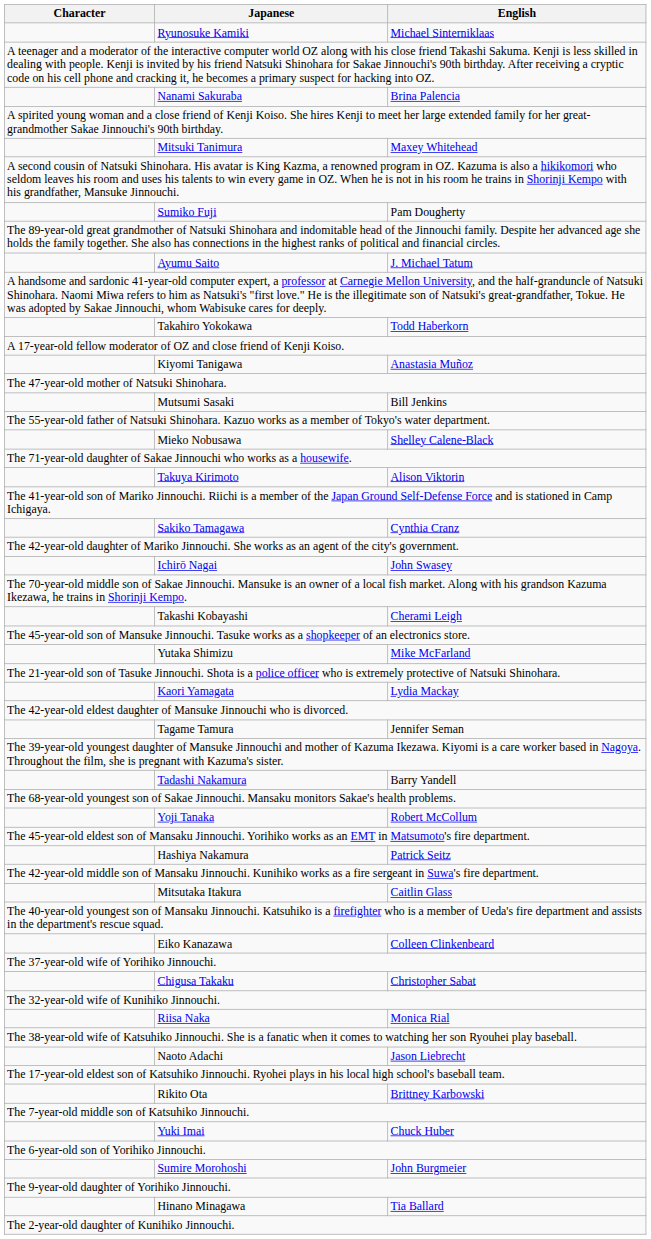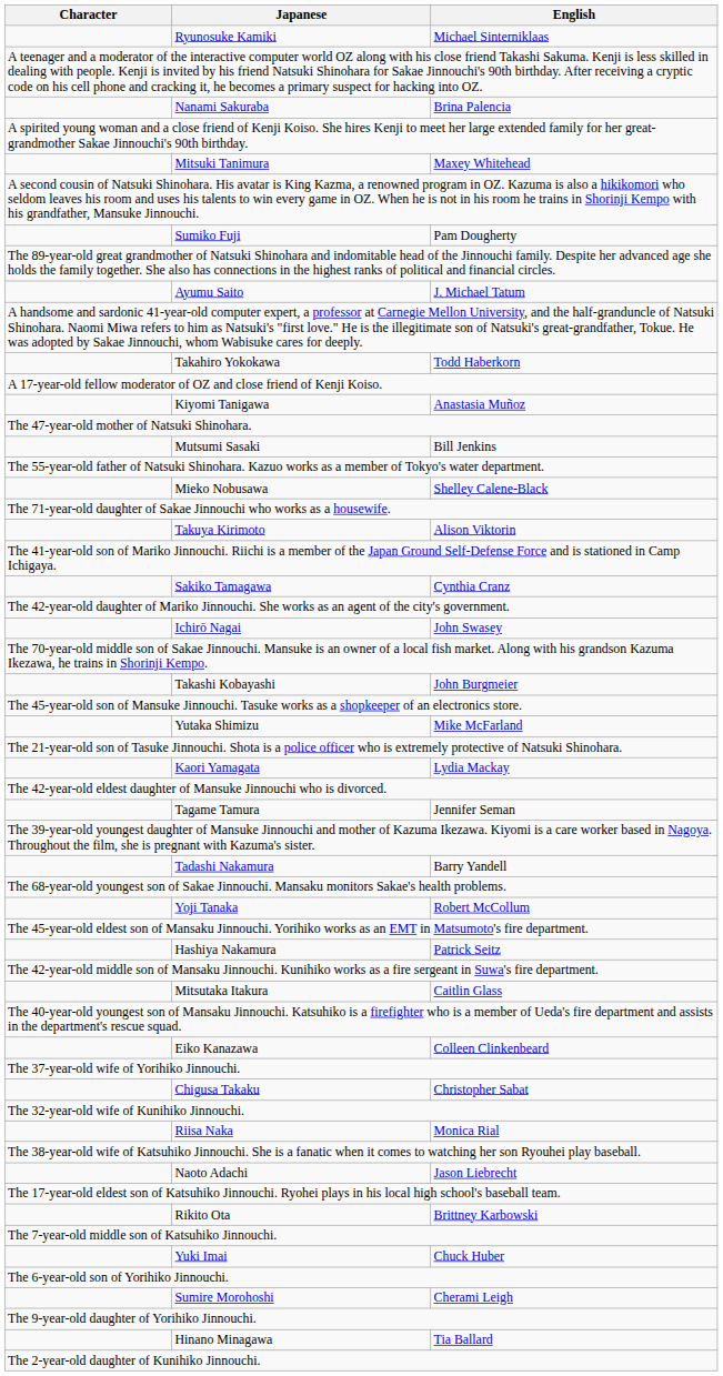 <table class="wikitable">
 <tr>
 <th>Character</th>
 <th>Japanese</th>
 <th>English</th>
 </tr>
 <tr>
 <td></td>
 <td><a href='#'>Ryunosuke Kamiki</a></td>
 <td><a href='#'>Michael Sinterniklaas</a></td>
 </tr>
 <tr>
 <td colspan="4">A teenager and a moderator of the interactive computer world OZ along with his close friend Takashi Sakuma. Kenji is less skilled in dealing with people. Kenji is invited by his friend Natsuki Shinohara for Sakae Jinnouchi's 90th birthday. After receiving a cryptic code on his cell phone and cracking it, he becomes a primary suspect for hacking into OZ.</td>
 </tr>
 <tr>
 <td></td>
 <td><a href='#'>Nanami Sakuraba</a></td>
 <td><a href='#'>Brina Palencia</a></td>
 </tr>
 <tr>
 <td colspan="4">A spirited young woman and a close friend of Kenji Koiso. She hires Kenji to meet her large extended family for her great-grandmother Sakae Jinnouchi's 90th birthday.</td>
 </tr>
 <tr>
 <td></td>
 <td><a href='#'>Mitsuki Tanimura</a></td>
 <td><a href='#'>Maxey Whitehead</a></td>
 </tr>
 <tr>
 <td colspan="4">A second cousin of Natsuki Shinohara. His avatar is King Kazma, a renowned program in OZ. Kazuma is also a <a href='#'>hikikomori</a> who seldom leaves his room and uses his talents to win every game in OZ. When he is not in his room he trains in <a href='#'>Shorinji Kempo</a> with his grandfather, Mansuke Jinnouchi.</td>
 </tr>
 <tr>
 <td></td>
 <td><a href='#'>Sumiko Fuji</a></td>
 <td>Pam Dougherty</td>
 </tr>
 <tr>
 <td colspan="4">The 89-year-old great grandmother of Natsuki Shinohara and indomitable head of the Jinnouchi family. Despite her advanced age she holds the family together. She also has connections in the highest ranks of political and financial circles.</td>
 </tr>
 <tr>
 <td></td>
 <td><a href='#'>Ayumu Saito</a></td>
 <td><a href='#'>J. Michael Tatum</a></td>
 </tr>
 <tr>
 <td colspan="4">A handsome and sardonic 41-year-old computer expert, a <a href='#'>professor</a> at <a href='#'>Carnegie Mellon University</a>, and the half-granduncle of Natsuki Shinohara. Naomi Miwa refers to him as Natsuki's "first love." He is the illegitimate son of Natsuki's great-grandfather, Tokue. He was adopted by Sakae Jinnouchi, whom Wabisuke cares for deeply.</td>
 </tr>
 <tr>
 <td></td>
 <td>Takahiro Yokokawa</td>
 <td><a href='#'>Todd Haberkorn</a></td>
 </tr>
 <tr>
 <td colspan="4">A 17-year-old fellow moderator of OZ and close friend of Kenji Koiso.</td>
 </tr>
 <tr>
 <td></td>
 <td>Kiyomi Tanigawa</td>
 <td><a href='#'>Anastasia Muñoz</a></td>
 </tr>
 <tr>
 <td colspan="4">The 47-year-old mother of Natsuki Shinohara.</td>
 </tr>
 <tr>
 <td></td>
 <td>Mutsumi Sasaki</td>
 <td>Bill Jenkins</td>
 </tr>
 <tr>
 <td colspan="4">The 55-year-old father of Natsuki Shinohara. Kazuo works as a member of Tokyo's water department.</td>
 </tr>
 <tr>
 <td></td>
 <td>Mieko Nobusawa</td>
 <td><a href='#'>Shelley Calene-Black</a></td>
 </tr>
 <tr>
 <td colspan="4">The 71-year-old daughter of Sakae Jinnouchi who works as a <a href='#'>housewife</a>.</td>
 </tr>
 <tr>
 <td></td>
 <td><a href='#'>Takuya Kirimoto</a></td>
 <td><a href='#'>Alison Viktorin</a></td>
 </tr>
 <tr>
 <td colspan="4">The 41-year-old son of Mariko Jinnouchi. Riichi is a member of the <a href='#'>Japan Ground Self-Defense Force</a> and is stationed in Camp Ichigaya.</td>
 </tr>
 <tr>
 <td></td>
 <td><a href='#'>Sakiko Tamagawa</a></td>
 <td><a href='#'>Cynthia Cranz</a></td>
 </tr>
 <tr>
 <td colspan="4">The 42-year-old daughter of Mariko Jinnouchi. She works as an agent of the city's government.</td>
 </tr>
 <tr>
 <td></td>
 <td><a href='#'>Ichirō Nagai</a></td>
 <td><a href='#'>John Swasey</a></td>
 </tr>
 <tr>
 <td colspan="4">The 70-year-old middle son of Sakae Jinnouchi. Mansuke is an owner of a local fish market. Along with his grandson Kazuma Ikezawa, he trains in <a href='#'>Shorinji Kempo</a>.</td>
 </tr>
 <tr>
 <td></td>
 <td>Takashi Kobayashi</td>
-<td><a href='#'>Cherami Leigh</a></td>
+<td><a href='#'>John Burgmeier</a></td>
 </tr>
 <tr>
 <td colspan="4">The 45-year-old son of Mansuke Jinnouchi. Tasuke works as a <a href='#'>shopkeeper</a> of an electronics store.</td>
 </tr>
 <tr>
 <td></td>
 <td>Yutaka Shimizu</td>
 <td><a href='#'>Mike McFarland</a></td>
 </tr>
 <tr>
 <td colspan="4">The 21-year-old son of Tasuke Jinnouchi. Shota is a <a href='#'>police officer</a> who is extremely protective of Natsuki Shinohara.</td>
 </tr>
 <tr>
 <td></td>
 <td><a href='#'>Kaori Yamagata</a></td>
 <td><a href='#'>Lydia Mackay</a></td>
 </tr>
 <tr>
 <td colspan="4">The 42-year-old eldest daughter of Mansuke Jinnouchi who is divorced.</td>
 </tr>
 <tr>
 <td></td>
 <td>Tagame Tamura</td>
 <td>Jennifer Seman</td>
 </tr>
 <tr>
 <td colspan="4">The 39-year-old youngest daughter of Mansuke Jinnouchi and mother of Kazuma Ikezawa. Kiyomi is a care worker based in <a href='#'>Nagoya</a>. Throughout the film, she is pregnant with Kazuma's sister.</td>
 </tr>
 <tr>
 <td></td>
 <td><a href='#'>Tadashi Nakamura</a></td>
 <td>Barry Yandell</td>
 </tr>
 <tr>
 <td colspan="4">The 68-year-old youngest son of Sakae Jinnouchi. Mansaku monitors Sakae's health problems.</td>
 </tr>
 <tr>
 <td></td>
 <td><a href='#'>Yoji Tanaka</a></td>
 <td><a href='#'>Robert McCollum</a></td>
 </tr>
 <tr>
 <td colspan="4">The 45-year-old eldest son of Mansaku Jinnouchi. Yorihiko works as an <a href='#'>EMT</a> in <a href='#'>Matsumoto</a>'s fire department.</td>
 </tr>
 <tr>
 <td></td>
 <td>Hashiya Nakamura</td>
 <td><a href='#'>Patrick Seitz</a></td>
 </tr>
 <tr>
 <td colspan="4">The 42-year-old middle son of Mansaku Jinnouchi. Kunihiko works as a fire sergeant in <a href='#'>Suwa</a>'s fire department.</td>
 </tr>
 <tr>
 <td></td>
 <td>Mitsutaka Itakura</td>
 <td><a href='#'>Caitlin Glass</a></td>
 </tr>
 <tr>
 <td colspan="4">The 40-year-old youngest son of Mansaku Jinnouchi. Katsuhiko is a <a href='#'>firefighter</a> who is a member of Ueda's fire department and assists in the department's rescue squad.</td>
 </tr>
 <tr>
 <td></td>
 <td>Eiko Kanazawa</td>
 <td><a href='#'>Colleen Clinkenbeard</a></td>
 </tr>
 <tr>
 <td colspan="4">The 37-year-old wife of Yorihiko Jinnouchi.</td>
 </tr>
 <tr>
 <td></td>
 <td><a href='#'>Chigusa Takaku</a></td>
 <td><a href='#'>Christopher Sabat</a></td>
 </tr>
 <tr>
 <td colspan="4">The 32-year-old wife of Kunihiko Jinnouchi.</td>
 </tr>
 <tr>
 <td></td>
 <td><a href='#'>Riisa Naka</a></td>
 <td><a href='#'>Monica Rial</a></td>
 </tr>
 <tr>
 <td colspan="4">The 38-year-old wife of Katsuhiko Jinnouchi. She is a fanatic when it comes to watching her son Ryouhei play baseball.</td>
 </tr>
 <tr>
 <td></td>
 <td>Naoto Adachi</td>
 <td><a href='#'>Jason Liebrecht</a></td>
 </tr>
 <tr>
 <td colspan="4">The 17-year-old eldest son of Katsuhiko Jinnouchi. Ryohei plays in his local high school's baseball team.</td>
 </tr>
 <tr>
 <td></td>
 <td>Rikito Ota</td>
 <td><a href='#'>Brittney Karbowski</a></td>
 </tr>
 <tr>
 <td colspan="4">The 7-year-old middle son of Katsuhiko Jinnouchi.</td>
 </tr>
 <tr>
 <td></td>
 <td><a href='#'>Yuki Imai</a></td>
 <td><a href='#'>Chuck Huber</a></td>
 </tr>
 <tr>
 <td colspan="4">The 6-year-old son of Yorihiko Jinnouchi.</td>
 </tr>
 <tr>
 <td></td>
 <td><a href='#'>Sumire Morohoshi</a></td>
-<td><a href='#'>John Burgmeier</a></td>
+<td><a href='#'>Cherami Leigh</a></td>
 </tr>
 <tr>
 <td colspan="4">The 9-year-old daughter of Yorihiko Jinnouchi.</td>
 </tr>
 <tr>
 <td></td>
 <td>Hinano Minagawa</td>
 <td><a href='#'>Tia Ballard</a></td>
 </tr>
 <tr>
 <td colspan="4">The 2-year-old daughter of Kunihiko Jinnouchi.</td>
 </tr>
 </table>
